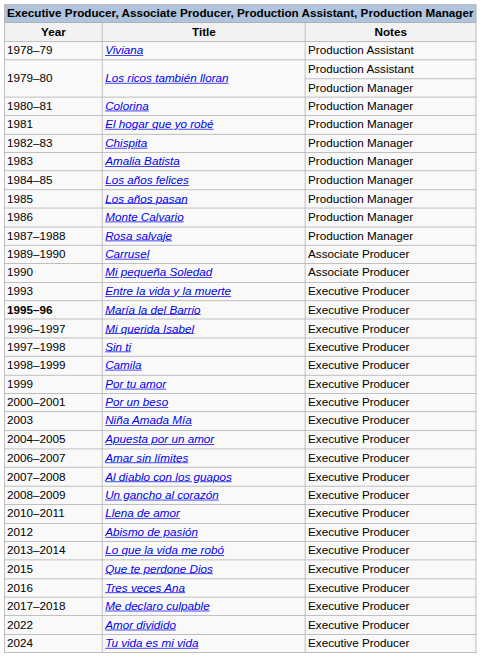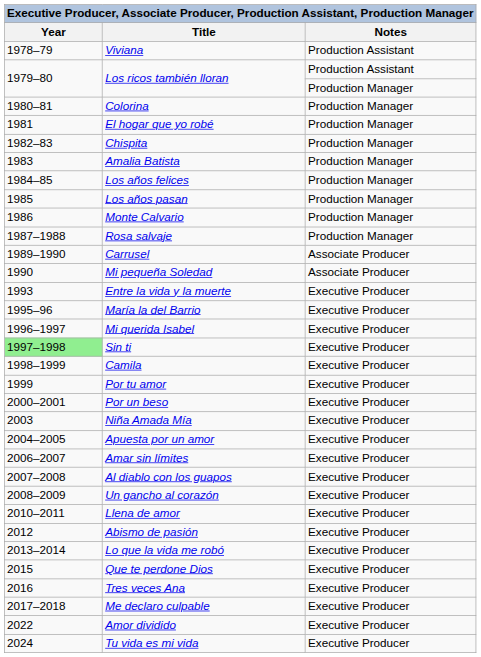 <table class="wikitable">
 <tr>
 <th colspan="5" style="background:LightSteelBlue;">Executive Producer, Associate Producer, Production Assistant, Production Manager</th>
 </tr>
 <tr>
 <th>Year</th>
 <th>Title</th>
 <th>Notes</th>
 </tr>
 <tr>
 <td>1978–79</td>
 <td><em><a href='#'>Viviana</a></em></td>
 <td>Production Assistant</td>
 </tr>
 <tr>
 <td rowspan=2>1979–80</td>
 <td rowspan=2><em><a href='#'>Los ricos también lloran</a></em></td>
 <td>Production Assistant</td>
 </tr>
 <tr>
 <td>Production Manager</td>
 </tr>
 <tr>
 <td>1980–81</td>
 <td><em><a href='#'>Colorina</a></em></td>
 <td>Production Manager</td>
 </tr>
 <tr>
 <td>1981</td>
 <td><em><a href='#'>El hogar que yo robé</a></em></td>
 <td>Production Manager</td>
 </tr>
 <tr>
 <td>1982–83</td>
 <td><em><a href='#'>Chispita</a></em></td>
 <td>Production Manager</td>
 </tr>
 <tr>
 <td>1983</td>
 <td><em><a href='#'>Amalia Batista</a></em></td>
 <td>Production Manager</td>
 </tr>
 <tr>
 <td>1984–85</td>
 <td><em><a href='#'>Los años felices</a></em></td>
 <td>Production Manager</td>
 </tr>
 <tr>
 <td>1985</td>
 <td><em><a href='#'>Los años pasan</a></em></td>
 <td>Production Manager</td>
 </tr>
 <tr>
 <td>1986</td>
 <td><em><a href='#'>Monte Calvario</a></em></td>
 <td>Production Manager</td>
 </tr>
 <tr>
 <td>1987–1988</td>
 <td><em><a href='#'>Rosa salvaje</a></em></td>
 <td>Production Manager</td>
 </tr>
 <tr>
 <td>1989–1990</td>
 <td><em><a href='#'>Carrusel</a></em></td>
 <td>Associate Producer</td>
 </tr>
 <tr>
 <td>1990</td>
 <td><em><a href='#'>Mi pequeña Soledad</a></em></td>
 <td>Associate Producer</td>
 </tr>
 <tr>
 <td>1993</td>
 <td><em><a href='#'>Entre la vida y la muerte</a></em></td>
 <td>Executive Producer</td>
 </tr>
 <tr>
-<td><strong>1995–96</strong></td>
+<td>1995–96</td>
 <td><em><a href='#'>María la del Barrio</a></em></td>
 <td>Executive Producer</td>
 </tr>
 <tr>
 <td>1996–1997</td>
 <td><em><a href='#'>Mi querida Isabel</a></em></td>
 <td>Executive Producer</td>
 </tr>
 <tr>
-<td>1997–1998</td>
+<td style="background: lightgreen;">1997–1998</td>
 <td><em><a href='#'>Sin ti</a></em></td>
 <td>Executive Producer</td>
 </tr>
 <tr>
 <td>1998–1999</td>
 <td><em><a href='#'>Camila</a></em></td>
 <td>Executive Producer</td>
 </tr>
 <tr>
 <td>1999</td>
 <td><em><a href='#'>Por tu amor</a></em></td>
 <td>Executive Producer</td>
 </tr>
 <tr>
 <td>2000–2001</td>
 <td><em><a href='#'>Por un beso</a></em></td>
 <td>Executive Producer</td>
 </tr>
 <tr>
 <td>2003</td>
 <td><em><a href='#'>Niña Amada Mía</a></em></td>
 <td>Executive Producer</td>
 </tr>
 <tr>
 <td>2004–2005</td>
 <td><em><a href='#'>Apuesta por un amor</a></em></td>
 <td>Executive Producer</td>
 </tr>
 <tr>
 <td>2006–2007</td>
 <td><em><a href='#'>Amar sin límites</a></em></td>
 <td>Executive Producer</td>
 </tr>
 <tr>
 <td>2007–2008</td>
 <td><em><a href='#'>Al diablo con los guapos</a></em></td>
 <td>Executive Producer</td>
 </tr>
 <tr>
 <td>2008–2009</td>
 <td><em><a href='#'>Un gancho al corazón</a></em></td>
 <td>Executive Producer</td>
 </tr>
 <tr>
 <td>2010–2011</td>
 <td><em><a href='#'>Llena de amor</a></em></td>
 <td>Executive Producer</td>
 </tr>
 <tr>
 <td>2012</td>
 <td><em><a href='#'>Abismo de pasión</a></em></td>
 <td>Executive Producer</td>
 </tr>
 <tr>
 <td>2013–2014</td>
 <td><em><a href='#'>Lo que la vida me robó</a></em></td>
 <td>Executive Producer</td>
 </tr>
 <tr>
 <td>2015</td>
 <td><em><a href='#'>Que te perdone Dios</a></em></td>
 <td>Executive Producer</td>
 </tr>
 <tr>
 <td>2016</td>
 <td><em><a href='#'>Tres veces Ana</a></em></td>
 <td>Executive Producer</td>
 </tr>
 <tr>
 <td>2017–2018</td>
 <td><em><a href='#'>Me declaro culpable</a></em></td>
 <td>Executive Producer</td>
 </tr>
 <tr>
 <td>2022</td>
 <td><em><a href='#'>Amor dividido</a></em></td>
 <td>Executive Producer</td>
 </tr>
 <tr>
 <td>2024</td>
 <td><em><a href='#'>Tu vida es mi vida</a></em></td>
 <td>Executive Producer</td>
 </tr>
 </table>
